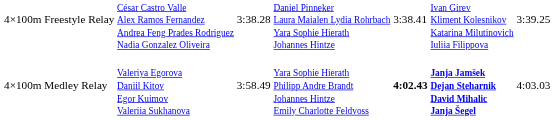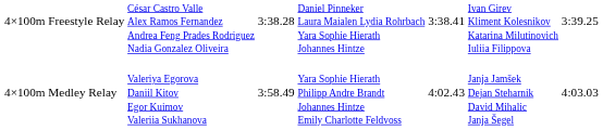 <table>
 <tr>
 <td>4×100m Freestyle Relay</td>
 <td> <br><small> <a href='#'>César Castro Valle</a><br><a href='#'>Alex Ramos Fernandez</a><br><a href='#'>Andrea Feng Prades Rodriguez</a><br><a href='#'>Nadia Gonzalez Oliveira</a></small></td>
 <td>3:38.28</td>
 <td> <br><small> <a href='#'>Daniel Pinneker</a><br><a href='#'>Laura Maialen Lydia Rohrbach</a><br><a href='#'>Yara Sophie Hierath</a><br><a href='#'>Johannes Hintze</a></small></td>
 <td>3:38.41</td>
 <td> <br><small> <a href='#'>Ivan Girev</a><br><a href='#'>Kliment Kolesnikov</a><br><a href='#'>Katarina Milutinovich</a><br><a href='#'>Iuliia Filippova</a></small></td>
 <td>3:39.25</td>
 </tr>
 <tr>
 <td>4×100m Medley Relay</td>
 <td> <br><small> <a href='#'>Valeriya Egorova</a> <br><a href='#'>Daniil Kitov</a> <br> <a href='#'>Egor Kuimov</a> <br><a href='#'>Valeriia Sukhanova</a></small></td>
 <td>3:58.49</td>
 <td> <br><small> <a href='#'>Yara Sophie Hierath</a> <br><a href='#'>Philipp Andre Brandt</a> <br> <a href='#'>Johannes Hintze</a> <br><a href='#'>Emily Charlotte Feldvoss</a></small></td>
-<td><strong>4:02.43</strong></td>
-<td><strong> <br><small> <a href='#'>Janja Jamšek</a> <br><a href='#'>Dejan Steharnik</a> <br> <a href='#'>David Mihalic</a> <br><a href='#'>Janja Šegel</a></small></strong></td>
+<td>4:02.43</td>
+<td> <br><small> <a href='#'>Janja Jamšek</a> <br><a href='#'>Dejan Steharnik</a> <br> <a href='#'>David Mihalic</a> <br><a href='#'>Janja Šegel</a></small></td>
 <td>4:03.03</td>
 </tr>
 </table>
